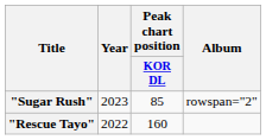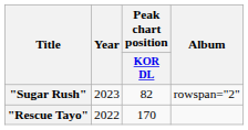 <table class="wikitable plainrowheaders" style="text-align:center">
 <tr>
 <th scope="col" rowspan="2">Title</th>
 <th scope="col" rowspan="2">Year</th>
 <th scope="col">Peak chart position</th>
 <th scope="col" rowspan="2">Album</th>
 </tr>
 <tr>
 <th scope="col" style="font-size:90%; width:3em"><a href='#'>KOR<br>DL</a><br></th>
 </tr>
 <tr>
 <th scope="row">"Sugar Rush"</th>
 <td>2023</td>
-<td>85</td>
+<td>82</td>
 <td>rowspan="2" </td>
 </tr>
 <tr>
 <th scope="row">"Rescue Tayo"</th>
 <td>2022</td>
-<td>160</td>
+<td>170</td>
 </tr>
 </table>
